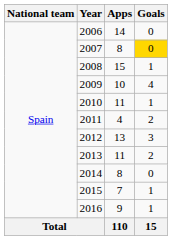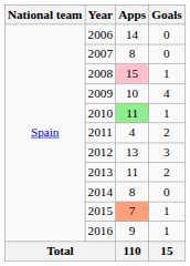 <table class="wikitable" style="text-align:center">
 <tr>
 <th>National team</th>
 <th>Year</th>
 <th>Apps</th>
 <th>Goals</th>
 </tr>
 <tr>
 <td rowspan="11"><a href='#'>Spain</a></td>
 <td>2006</td>
 <td>14</td>
 <td>0</td>
 </tr>
 <tr>
 <td>2007</td>
 <td>8</td>
-<td style="background: gold;">0</td>
+<td>0</td>
 </tr>
 <tr>
 <td>2008</td>
-<td>15</td>
+<td style="background: pink;">15</td>
 <td>1</td>
 </tr>
 <tr>
 <td>2009</td>
 <td>10</td>
 <td>4</td>
 </tr>
 <tr>
 <td>2010</td>
-<td>11</td>
+<td style="background: lightgreen;">11</td>
 <td>1</td>
 </tr>
 <tr>
 <td>2011</td>
 <td>4</td>
 <td>2</td>
 </tr>
 <tr>
 <td>2012</td>
 <td>13</td>
 <td>3</td>
 </tr>
 <tr>
 <td>2013</td>
 <td>11</td>
 <td>2</td>
 </tr>
 <tr>
 <td>2014</td>
 <td>8</td>
 <td>0</td>
 </tr>
 <tr>
 <td>2015</td>
-<td>7</td>
+<td style="background: lightsalmon;">7</td>
 <td>1</td>
 </tr>
 <tr>
 <td>2016</td>
 <td>9</td>
 <td>1</td>
 </tr>
 <tr>
 <th colspan="2">Total</th>
 <th>110</th>
 <th>15</th>
 </tr>
 </table>
